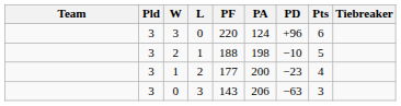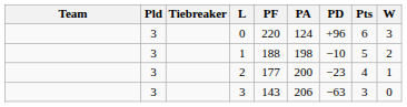 <table class="wikitable" style="text-align:center;">
 <tr>
 <th width=170>Team</th>
 <th width=25>Pld</th>
-<th width=25>W</th>
+<th width=50>Tiebreaker</th>
 <th width=25>L</th>
 <th width=35>PF</th>
 <th width=35>PA</th>
 <th width=35>PD</th>
 <th width=25>Pts</th>
-<th width=50>Tiebreaker</th>
+<th width=25>W</th>
 </tr>
 <tr style="background:ccffcc">
 <td style="text-align:left"></td>
 <td>3</td>
-<td>3</td>
+<td></td>
 <td>0</td>
 <td>220</td>
 <td>124</td>
 <td>+96</td>
 <td>6</td>
-<td></td>
+<td>3</td>
 </tr>
 <tr style="background:ccffcc">
 <td style="text-align:left"></td>
 <td>3</td>
-<td>2</td>
+<td></td>
 <td>1</td>
 <td>188</td>
 <td>198</td>
 <td>−10</td>
 <td>5</td>
-<td></td>
+<td>2</td>
 </tr>
 <tr style="background:ccffcc">
 <td style="text-align:left"></td>
 <td>3</td>
-<td>1</td>
+<td></td>
 <td>2</td>
 <td>177</td>
 <td>200</td>
 <td>−23</td>
 <td>4</td>
-<td></td>
+<td>1</td>
 </tr>
 <tr style="background:ffcccc">
 <td style="text-align:left"></td>
 <td>3</td>
-<td>0</td>
+<td></td>
 <td>3</td>
 <td>143</td>
 <td>206</td>
 <td>−63</td>
 <td>3</td>
-<td></td>
+<td>0</td>
 </tr>
 </table>
